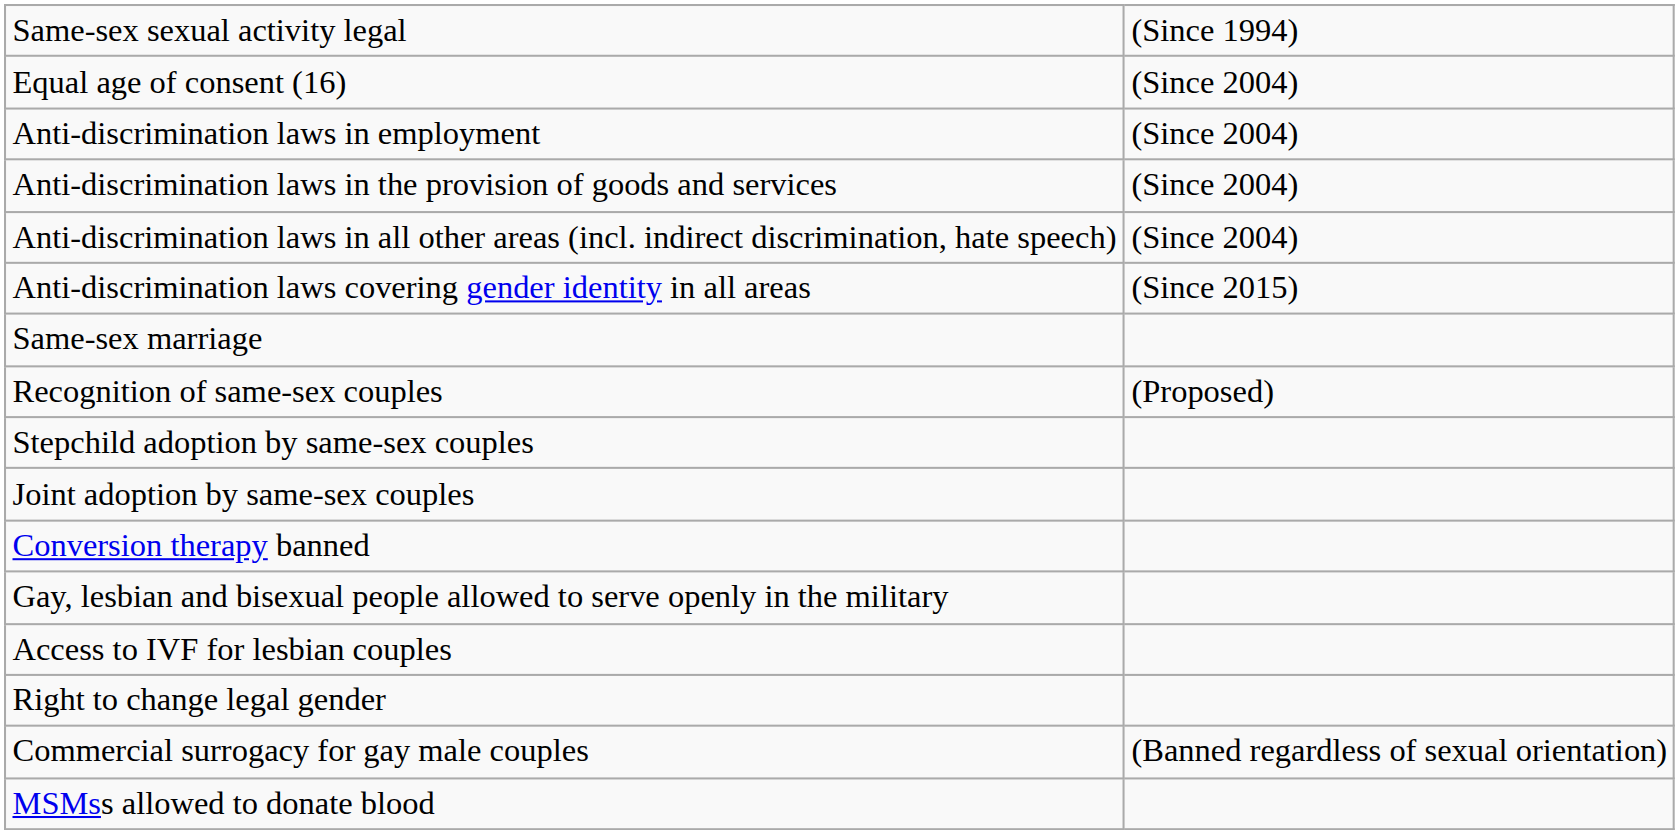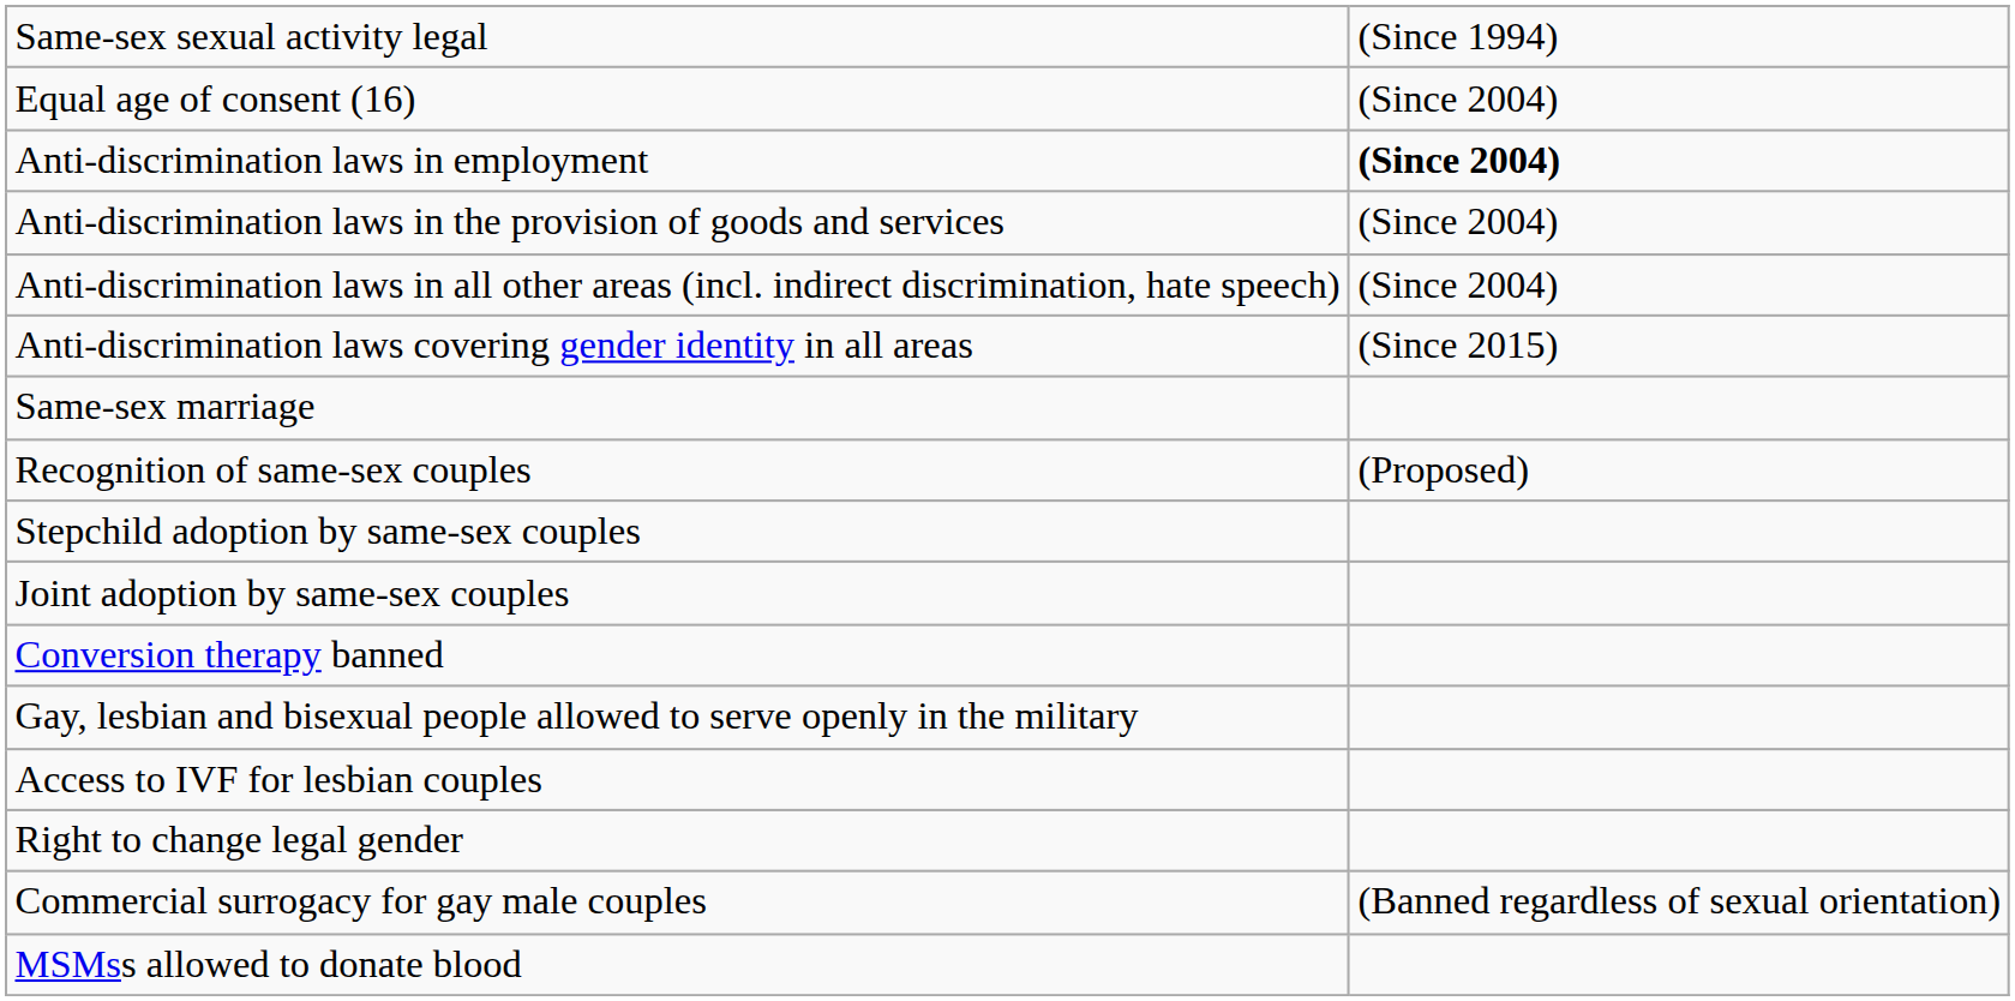 <table class="wikitable">
 <tr>
 <td>Same-sex sexual activity legal</td>
 <td> (Since 1994)</td>
 </tr>
 <tr>
 <td>Equal age of consent (16)</td>
 <td> (Since 2004)</td>
 </tr>
 <tr>
 <td>Anti-discrimination laws in employment</td>
-<td> (Since 2004)</td>
+<td><strong> (Since 2004)</strong></td>
 </tr>
 <tr>
 <td>Anti-discrimination laws in the provision of goods and services</td>
 <td> (Since 2004)</td>
 </tr>
 <tr>
 <td>Anti-discrimination laws in all other areas (incl. indirect discrimination, hate speech)</td>
 <td> (Since 2004)</td>
 </tr>
 <tr>
 <td>Anti-discrimination laws covering <a href='#'>gender identity</a> in all areas</td>
 <td> (Since 2015)</td>
 </tr>
 <tr>
 <td>Same-sex marriage</td>
 <td></td>
 </tr>
 <tr>
 <td>Recognition of same-sex couples</td>
 <td> (Proposed)</td>
 </tr>
 <tr>
 <td>Stepchild adoption by same-sex couples</td>
 <td></td>
 </tr>
 <tr>
 <td>Joint adoption by same-sex couples</td>
 <td></td>
 </tr>
 <tr>
 <td><a href='#'>Conversion therapy</a> banned</td>
 <td></td>
 </tr>
 <tr>
 <td>Gay, lesbian and bisexual people allowed to serve openly in the military</td>
 <td></td>
 </tr>
 <tr>
 <td>Access to IVF for lesbian couples</td>
 <td></td>
 </tr>
 <tr>
 <td>Right to change legal gender</td>
 <td></td>
 </tr>
 <tr>
 <td>Commercial surrogacy for gay male couples</td>
 <td> (Banned regardless of sexual orientation)</td>
 </tr>
 <tr>
 <td><a href='#'>MSMs</a>s allowed to donate blood</td>
 <td></td>
 </tr>
 </table>
